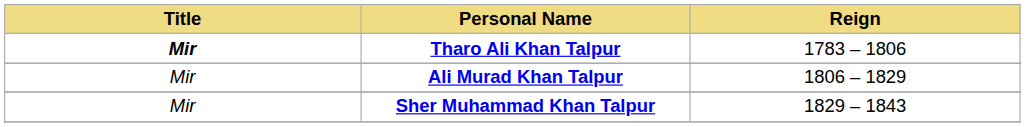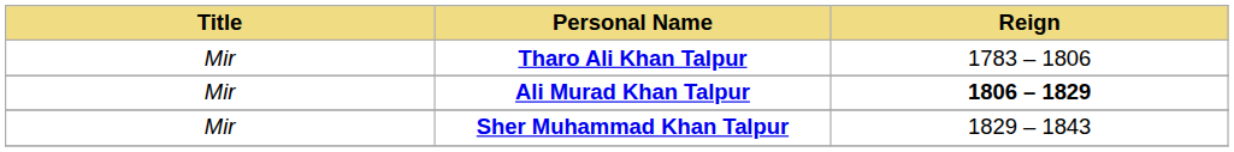 <table width=100% Class="wikitable">
 <tr>
 <th style="background-color:#F0DC82" width=27%>Title</th>
 <th style="background-color:#F0DC82" width=25%>Personal Name</th>
 <th style="background-color:#F0DC82" width=25%>Reign</th>
 </tr>
 <tr style="background:white">
-<td align="center"><strong><em>Mir</em> <br> <small></small></strong></td>
+<td align="center"><em>Mir</em> <br> <small></small></td>
 <td align="center"><strong><a href='#'>Tharo Ali Khan Talpur</a></strong><br> <small> </small></td>
 <td align="center">1783 – 1806</td>
 </tr>
 <tr>
 </tr>
 <tr style="background:white">
 <td align="center"><em>Mir</em> <br> <small></small></td>
 <td align="center"><strong><a href='#'>Ali Murad Khan Talpur</a></strong><br> <small> </small></td>
-<td align="center">1806 – 1829</td>
+<td align="center"><strong>1806 – 1829</strong></td>
 </tr>
 <tr>
 </tr>
 <tr style="background:white">
 <td align="center"><em>Mir</em> <br> <small></small></td>
 <td align="center"><strong><a href='#'>Sher Muhammad Khan Talpur</a></strong><br> <small> </small></td>
 <td align="center">1829 – 1843</td>
 </tr>
 <tr>
 </tr>
 </table>
